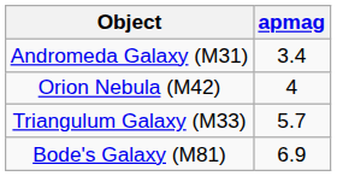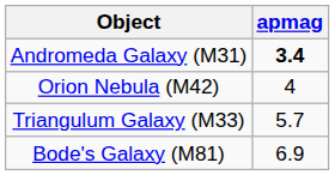 <table class="wikitable" style="text-align: center; font-size: 0.9em;">
 <tr>
 <th>Object</th>
 <th><a href='#'>apmag</a></th>
 </tr>
 <tr>
 <td><a href='#'>Andromeda Galaxy</a> (M31)</td>
-<td>3.4</td>
+<td><strong>3.4</strong></td>
 </tr>
 <tr>
 <td><a href='#'>Orion Nebula</a> (M42)</td>
 <td>4</td>
 </tr>
 <tr>
 <td><a href='#'>Triangulum Galaxy</a> (M33)</td>
 <td>5.7</td>
 </tr>
 <tr>
 <td><a href='#'>Bode's Galaxy</a> (M81)</td>
 <td>6.9</td>
 </tr>
 </table>
